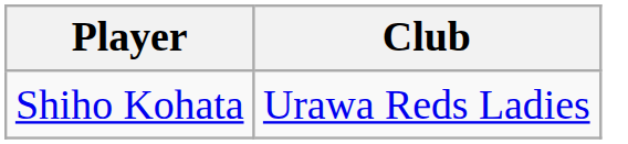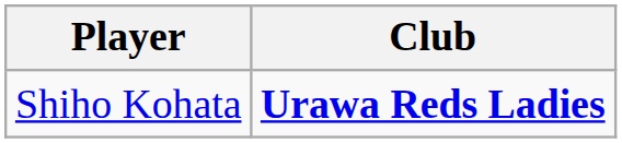 <table class="wikitable">
 <tr>
 <th>Player</th>
 <th>Club</th>
 </tr>
 <tr>
 <td> <a href='#'>Shiho Kohata</a></td>
-<td><a href='#'>Urawa Reds Ladies</a></td>
+<td><strong><a href='#'>Urawa Reds Ladies</a></strong></td>
 </tr>
 </table>
